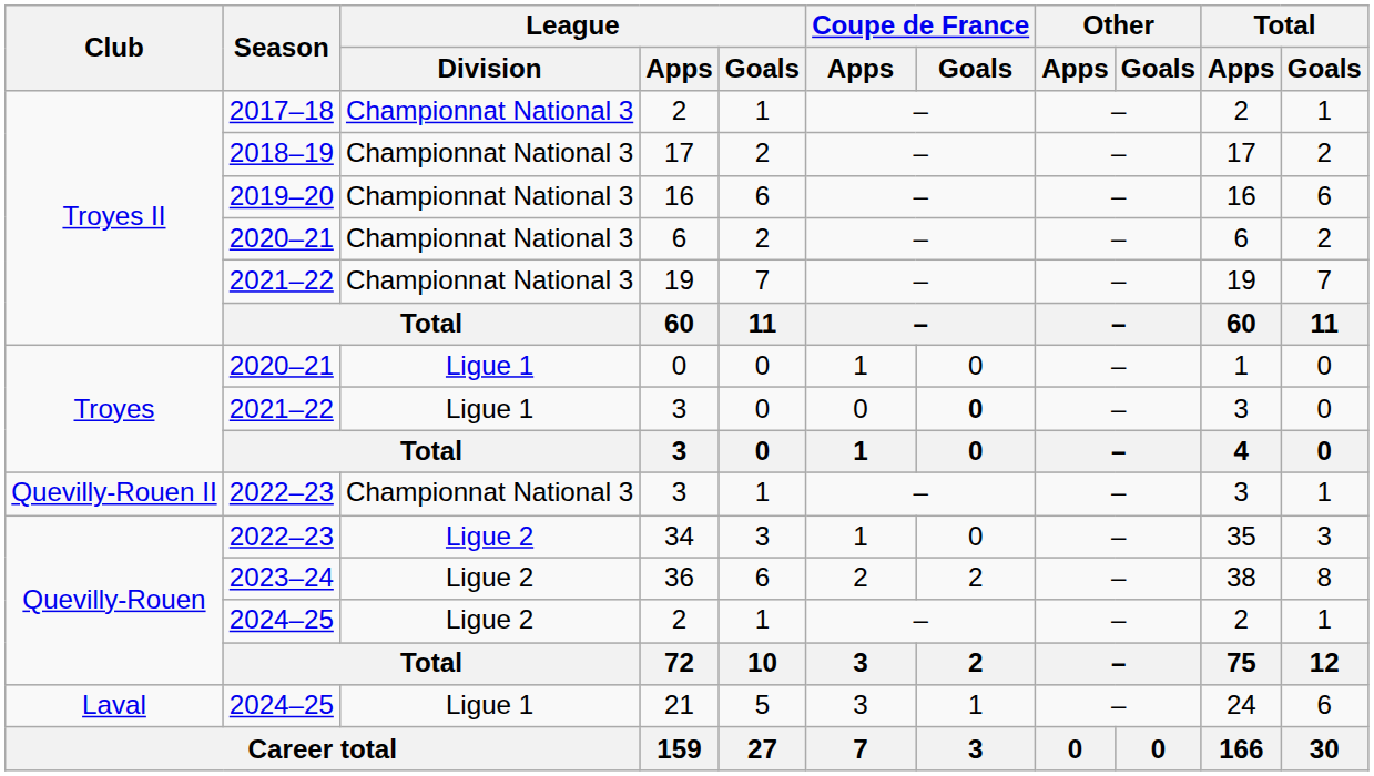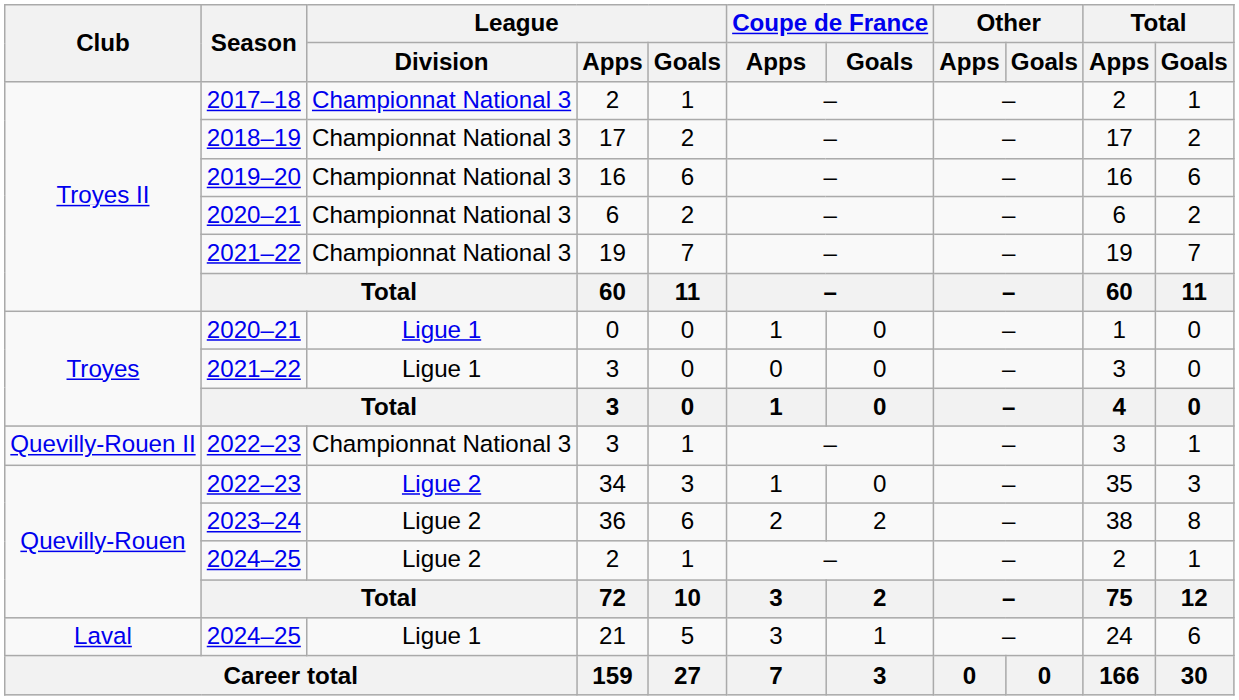 <table class="wikitable" style="text-align:center">
 <tr>
 <th rowspan="2">Club</th>
 <th rowspan="2">Season</th>
 <th colspan="3">League</th>
 <th colspan="2"><a href='#'>Coupe de France</a></th>
 <th colspan="2">Other</th>
 <th colspan="2">Total</th>
 </tr>
 <tr>
 <th>Division</th>
 <th>Apps</th>
 <th>Goals</th>
 <th>Apps</th>
 <th>Goals</th>
 <th>Apps</th>
 <th>Goals</th>
 <th>Apps</th>
 <th>Goals</th>
 </tr>
 <tr>
 <td rowspan=6><a href='#'>Troyes II</a></td>
 <td><a href='#'>2017–18</a></td>
 <td><a href='#'>Championnat National 3</a></td>
 <td>2</td>
 <td>1</td>
 <td colspan="2">–</td>
 <td colspan="2">–</td>
 <td>2</td>
 <td>1</td>
 </tr>
 <tr>
 <td><a href='#'>2018–19</a></td>
 <td>Championnat National 3</td>
 <td>17</td>
 <td>2</td>
 <td colspan="2">–</td>
 <td colspan="2">–</td>
 <td>17</td>
 <td>2</td>
 </tr>
 <tr>
 <td><a href='#'>2019–20</a></td>
 <td>Championnat National 3</td>
 <td>16</td>
 <td>6</td>
 <td colspan="2">–</td>
 <td colspan="2">–</td>
 <td>16</td>
 <td>6</td>
 </tr>
 <tr>
 <td><a href='#'>2020–21</a></td>
 <td>Championnat National 3</td>
 <td>6</td>
 <td>2</td>
 <td colspan="2">–</td>
 <td colspan="2">–</td>
 <td>6</td>
 <td>2</td>
 </tr>
 <tr>
 <td><a href='#'>2021–22</a></td>
 <td>Championnat National 3</td>
 <td>19</td>
 <td>7</td>
 <td colspan="2">–</td>
 <td colspan="2">–</td>
 <td>19</td>
 <td>7</td>
 </tr>
 <tr>
 <th colspan=2>Total</th>
 <th>60</th>
 <th>11</th>
 <th colspan="2">–</th>
 <th colspan="2">–</th>
 <th>60</th>
 <th>11</th>
 </tr>
 <tr>
 <td rowspan=3><a href='#'>Troyes</a></td>
 <td><a href='#'>2020–21</a></td>
 <td><a href='#'>Ligue 1</a></td>
 <td>0</td>
 <td>0</td>
 <td>1</td>
 <td>0</td>
 <td colspan="2">–</td>
 <td>1</td>
 <td>0</td>
 </tr>
 <tr>
 <td><a href='#'>2021–22</a></td>
 <td>Ligue 1</td>
 <td>3</td>
 <td>0</td>
 <td>0</td>
-<td><strong>0</strong></td>
+<td>0</td>
 <td colspan="2">–</td>
 <td>3</td>
 <td>0</td>
 </tr>
 <tr>
 <th colspan=2>Total</th>
 <th>3</th>
 <th>0</th>
 <th>1</th>
 <th>0</th>
 <th colspan="2">–</th>
 <th>4</th>
 <th>0</th>
 </tr>
 <tr>
 <td><a href='#'>Quevilly-Rouen II</a></td>
 <td><a href='#'>2022–23</a></td>
 <td>Championnat National 3</td>
 <td>3</td>
 <td>1</td>
 <td colspan="2">–</td>
 <td colspan="2">–</td>
 <td>3</td>
 <td>1</td>
 </tr>
 <tr>
 <td rowspan=4><a href='#'>Quevilly-Rouen</a></td>
 <td><a href='#'>2022–23</a></td>
 <td><a href='#'>Ligue 2</a></td>
 <td>34</td>
 <td>3</td>
 <td>1</td>
 <td>0</td>
 <td colspan="2">–</td>
 <td>35</td>
 <td>3</td>
 </tr>
 <tr>
 <td><a href='#'>2023–24</a></td>
 <td>Ligue 2</td>
 <td>36</td>
 <td>6</td>
 <td>2</td>
 <td>2</td>
 <td colspan="2">–</td>
 <td>38</td>
 <td>8</td>
 </tr>
 <tr>
 <td><a href='#'>2024–25</a></td>
 <td>Ligue 2</td>
 <td>2</td>
 <td>1</td>
 <td colspan="2">–</td>
 <td colspan="2">–</td>
 <td>2</td>
 <td>1</td>
 </tr>
 <tr>
 <th colspan=2>Total</th>
 <th>72</th>
 <th>10</th>
 <th>3</th>
 <th>2</th>
 <th colspan="2">–</th>
 <th>75</th>
 <th>12</th>
 </tr>
 <tr>
 <td><a href='#'>Laval</a></td>
 <td><a href='#'>2024–25</a></td>
 <td>Ligue 1</td>
 <td>21</td>
 <td>5</td>
 <td>3</td>
 <td>1</td>
 <td colspan="2">–</td>
 <td>24</td>
 <td>6</td>
 </tr>
 <tr>
 <th colspan=3>Career total</th>
 <th>159</th>
 <th>27</th>
 <th>7</th>
 <th>3</th>
 <th>0</th>
 <th>0</th>
 <th>166</th>
 <th>30</th>
 </tr>
 </table>
